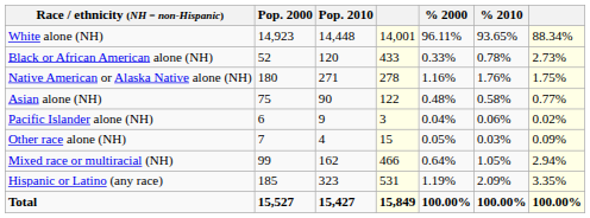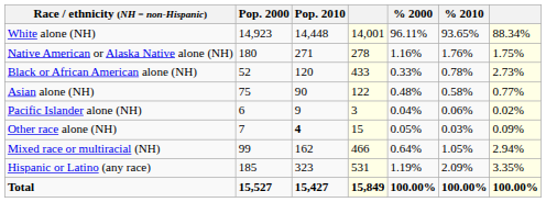 <table class="wikitable">
 <tr>
 <th>Race / ethnicity <small>(<em>NH = non-Hispanic</em>)</small></th>
 <th>Pop. 2000</th>
 <th>Pop. 2010</th>
 <th></th>
 <th>% 2000</th>
 <th>% 2010</th>
 <th></th>
 </tr>
 <tr>
 <td><a href='#'>White</a> alone (NH)</td>
 <td>14,923</td>
 <td>14,448</td>
 <td style='background: #ffffe6;'>14,001</td>
 <td>96.11%</td>
 <td>93.65%</td>
 <td style='background: #ffffe6;'>88.34%</td>
 </tr>
 <tr>
+<td><a href='#'>Native American</a> or <a href='#'>Alaska Native</a> alone (NH)</td>
+<td>180</td>
+<td>271</td>
+<td style='background: #ffffe6;'>278</td>
+<td>1.16%</td>
+<td>1.76%</td>
+<td style='background: #ffffe6;'>1.75%</td>
+</tr>
+<tr>
 <td><a href='#'>Black or African American</a> alone (NH)</td>
 <td>52</td>
 <td>120</td>
 <td style='background: #ffffe6;'>433</td>
 <td>0.33%</td>
 <td>0.78%</td>
 <td style='background: #ffffe6;'>2.73%</td>
-</tr>
-<tr>
-<td><a href='#'>Native American</a> or <a href='#'>Alaska Native</a> alone (NH)</td>
-<td>180</td>
-<td>271</td>
-<td style='background: #ffffe6;'>278</td>
-<td>1.16%</td>
-<td>1.76%</td>
-<td style='background: #ffffe6;'>1.75%</td>
 </tr>
 <tr>
 <td><a href='#'>Asian</a> alone (NH)</td>
 <td>75</td>
 <td>90</td>
 <td style='background: #ffffe6;'>122</td>
 <td>0.48%</td>
 <td>0.58%</td>
 <td style='background: #ffffe6;'>0.77%</td>
 </tr>
 <tr>
 <td><a href='#'>Pacific Islander</a> alone (NH)</td>
 <td>6</td>
 <td>9</td>
 <td style='background: #ffffe6;'>3</td>
 <td>0.04%</td>
 <td>0.06%</td>
 <td style='background: #ffffe6;'>0.02%</td>
 </tr>
 <tr>
 <td><a href='#'>Other race</a> alone (NH)</td>
 <td>7</td>
-<td>4</td>
+<td><strong>4</strong></td>
 <td style='background: #ffffe6;'>15</td>
 <td>0.05%</td>
 <td>0.03%</td>
 <td style='background: #ffffe6;'>0.09%</td>
 </tr>
 <tr>
 <td><a href='#'>Mixed race or multiracial</a> (NH)</td>
 <td>99</td>
 <td>162</td>
 <td style='background: #ffffe6;'>466</td>
 <td>0.64%</td>
 <td>1.05%</td>
 <td style='background: #ffffe6;'>2.94%</td>
 </tr>
 <tr>
 <td><a href='#'>Hispanic or Latino</a> (any race)</td>
 <td>185</td>
 <td>323</td>
 <td style='background: #ffffe6;'>531</td>
 <td>1.19%</td>
 <td>2.09%</td>
 <td style='background: #ffffe6;'>3.35%</td>
 </tr>
 <tr>
 <td><strong>Total</strong></td>
 <td><strong>15,527</strong></td>
 <td><strong>15,427</strong></td>
 <td style='background: #ffffe6;'><strong>15,849</strong></td>
 <td><strong>100.00%</strong></td>
 <td><strong>100.00%</strong></td>
 <td style='background: #ffffe6;'><strong>100.00%</strong></td>
 </tr>
 </table>
